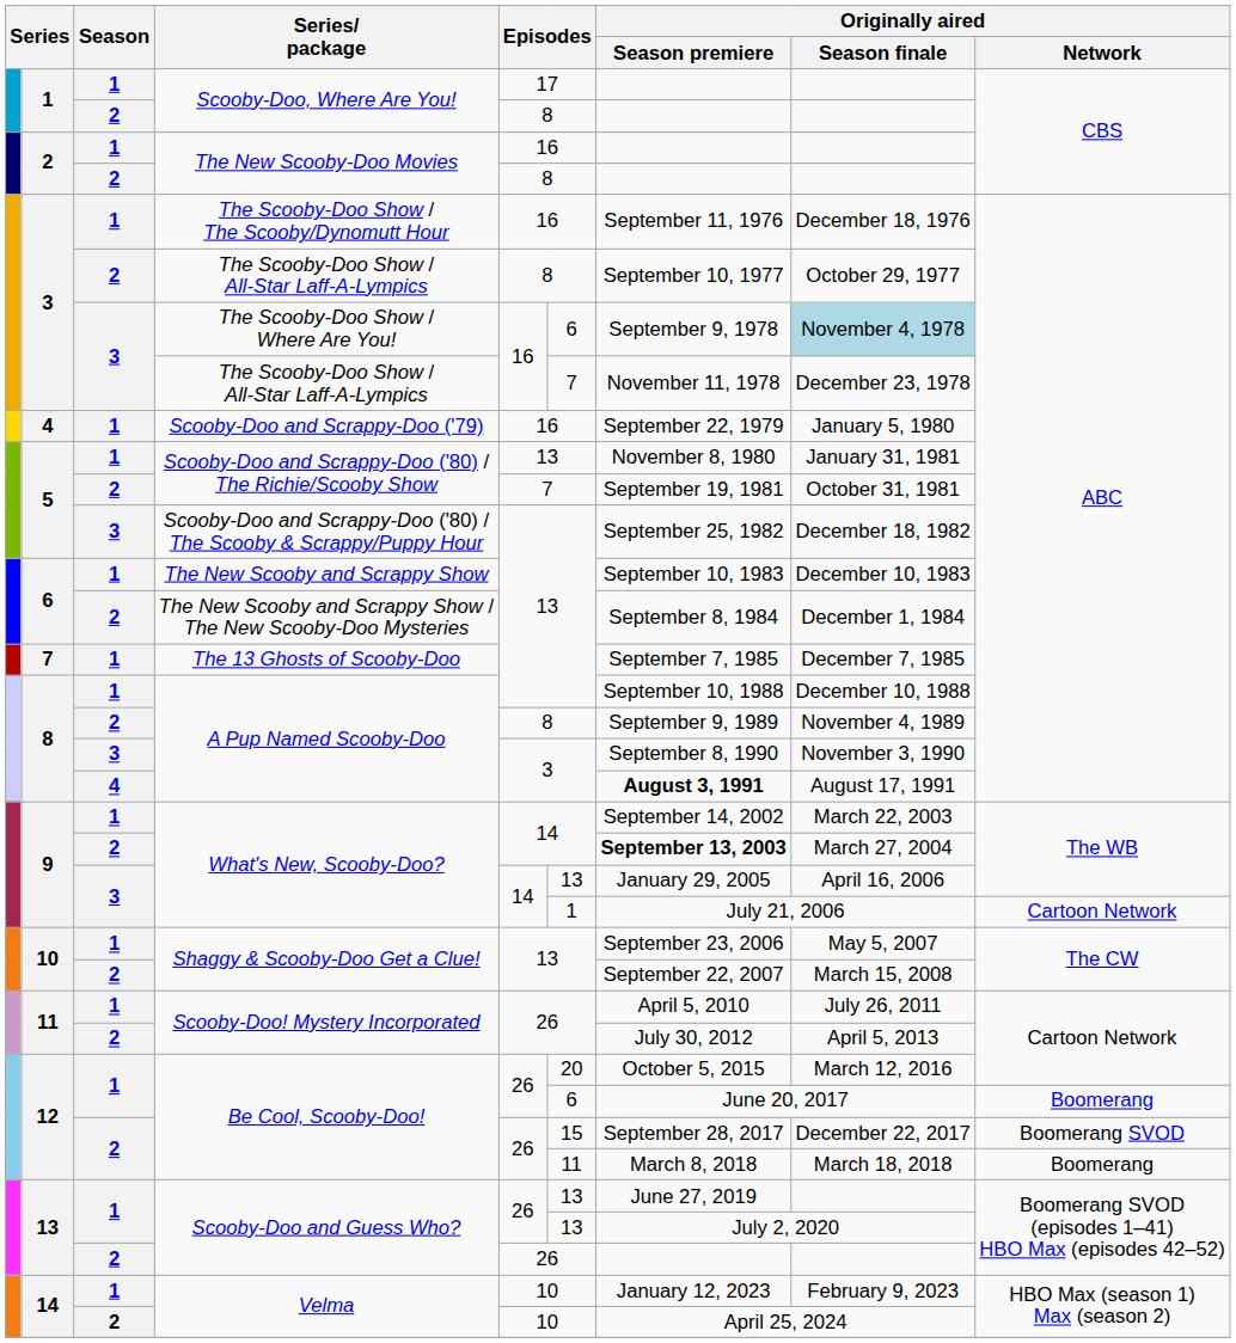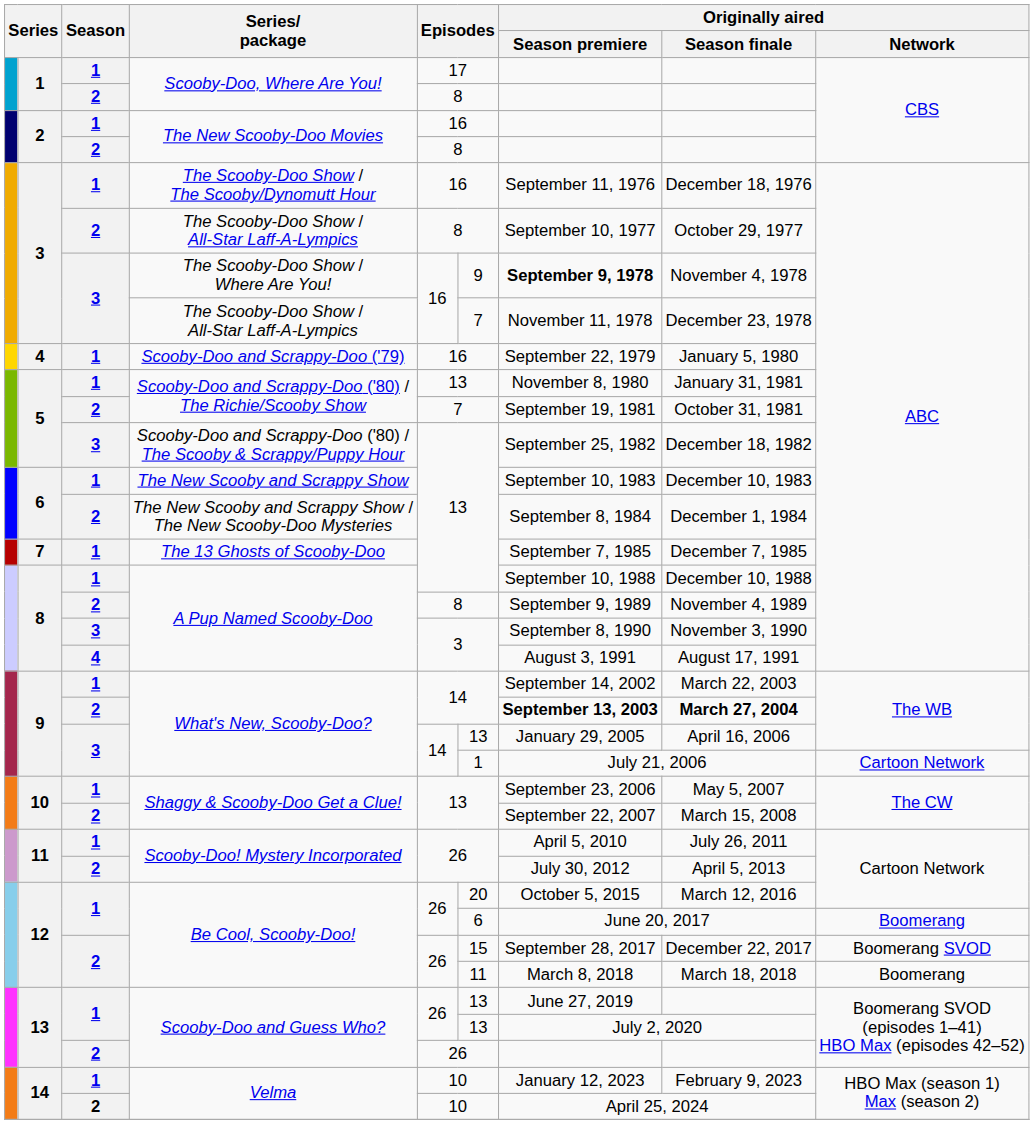 <table class="wikitable" style="text-align: center">
 <tr>
 <th colspan=2 rowspan=2>Series</th>
 <th colspan=1 rowspan=2>Season</th>
 <th rowspan=2>Series/<br>package</th>
 <th colspan=2 rowspan=2>Episodes</th>
 <th colspan=3>Originally aired</th>
 </tr>
 <tr>
 <th>Season premiere</th>
 <th>Season finale</th>
 <th>Network</th>
 </tr>
 <tr>
 <th rowspan=2 style="background:#00a2cf"></th>
 <th rowspan=2>1</th>
 <th><a href='#'>1</a></th>
 <td rowspan=2><em><a href='#'>Scooby-Doo, Where Are You!</a></em></td>
 <td colspan=2>17</td>
 <td></td>
 <td></td>
 <td rowspan=4><a href='#'>CBS</a></td>
 </tr>
 <tr>
 <th><a href='#'>2</a></th>
 <td colspan=2>8</td>
 <td></td>
 <td></td>
 </tr>
 <tr>
 <th rowspan=2 style="background:#000070"></th>
 <th rowspan=2>2</th>
 <th><a href='#'>1</a></th>
 <td rowspan=2><em><a href='#'>The New Scooby-Doo Movies</a></em></td>
 <td colspan=2>16</td>
 <td></td>
 <td></td>
 </tr>
 <tr>
 <th><a href='#'>2</a></th>
 <td colspan=2>8</td>
 <td></td>
 <td></td>
 </tr>
 <tr>
 <th rowspan=4 style="background:#F0AB00"></th>
 <th rowspan=4>3</th>
 <th><a href='#'>1</a></th>
 <td><em><a href='#'>The Scooby-Doo Show</a></em> /<br><em><a href='#'>The Scooby/Dynomutt Hour</a></em></td>
 <td colspan=2>16</td>
 <td>September 11, 1976</td>
 <td>December 18, 1976</td>
 <td rowspan=15><a href='#'>ABC</a></td>
 </tr>
 <tr>
 <th><a href='#'>2</a></th>
 <td><em>The Scooby-Doo Show</em> /<br><em><a href='#'>All-Star Laff-A-Lympics</a></em></td>
 <td colspan=2>8</td>
 <td>September 10, 1977</td>
 <td>October 29, 1977</td>
 </tr>
 <tr>
 <th rowspan=2><a href='#'>3</a></th>
 <td><em>The Scooby-Doo Show</em> /<br><em>Where Are You!</em></td>
 <td rowspan=2>16</td>
-<td>6</td>
-<td>September 9, 1978</td>
-<td style="background: lightblue;">November 4, 1978</td>
+<td>9</td>
+<td><strong>September 9, 1978</strong></td>
+<td>November 4, 1978</td>
 </tr>
 <tr>
 <td><em>The Scooby-Doo Show</em> /<br><em>All-Star Laff-A-Lympics</em></td>
 <td>7</td>
 <td>November 11, 1978</td>
 <td>December 23, 1978</td>
 </tr>
 <tr>
 <th style="background:#FFD700"></th>
 <th rowspan=1>4</th>
 <th><a href='#'>1</a></th>
 <td><a href='#'><em>Scooby-Doo and Scrappy-Doo</em> ('79)</a></td>
 <td colspan="2">16</td>
 <td>September 22, 1979</td>
 <td>January 5, 1980</td>
 </tr>
 <tr>
 <th rowspan=3 style="background:#7ab800"></th>
 <th rowspan=3>5</th>
 <th><a href='#'>1</a></th>
 <td rowspan=2><a href='#'><em>Scooby-Doo and Scrappy-Doo</em> ('80)</a> /<br><em><a href='#'>The Richie/Scooby Show</a></em></td>
 <td colspan=2>13</td>
 <td>November 8, 1980</td>
 <td>January 31, 1981</td>
 </tr>
 <tr>
 <th><a href='#'>2</a></th>
 <td colspan=2>7</td>
 <td>September 19, 1981</td>
 <td>October 31, 1981</td>
 </tr>
 <tr>
 <th><a href='#'>3</a></th>
 <td><em>Scooby-Doo and Scrappy-Doo</em> ('80) /<br><em><a href='#'>The Scooby & Scrappy/Puppy Hour</a></em></td>
 <td colspan=2 rowspan=5>13</td>
 <td>September 25, 1982</td>
 <td>December 18, 1982</td>
 </tr>
 <tr>
 <th rowspan=2 style="background:#0000FF"></th>
 <th rowspan=2>6</th>
 <th><a href='#'>1</a></th>
 <td><em><a href='#'>The New Scooby and Scrappy Show</a></em></td>
 <td>September 10, 1983</td>
 <td>December 10, 1983</td>
 </tr>
 <tr>
 <th><a href='#'>2</a></th>
 <td><em>The New Scooby and Scrappy Show</em> /<br><em>The New Scooby-Doo Mysteries</em></td>
 <td>September 8, 1984</td>
 <td>December 1, 1984</td>
 </tr>
 <tr>
 <th style="background:#b60000"></th>
 <th rowspan=1>7</th>
 <th><a href='#'>1</a></th>
 <td><em><a href='#'>The 13 Ghosts of Scooby-Doo</a></em></td>
 <td>September 7, 1985</td>
 <td>December 7, 1985</td>
 </tr>
 <tr>
 <th rowspan=4 style="background:#ccf"></th>
 <th rowspan=4>8</th>
 <th><a href='#'>1</a></th>
 <td rowspan=4><em><a href='#'>A Pup Named Scooby-Doo</a></em></td>
 <td>September 10, 1988</td>
 <td>December 10, 1988</td>
 </tr>
 <tr>
 <th><a href='#'>2</a></th>
 <td colspan=2>8</td>
 <td>September 9, 1989</td>
 <td>November 4, 1989</td>
 </tr>
 <tr>
 <th><a href='#'>3</a></th>
 <td colspan=2 rowspan=2>3</td>
 <td>September 8, 1990</td>
 <td>November 3, 1990</td>
 </tr>
 <tr>
 <th><a href='#'>4</a></th>
-<td><strong>August 3, 1991</strong></td>
+<td>August 3, 1991</td>
 <td>August 17, 1991</td>
 </tr>
 <tr>
 <th rowspan=4 style="background:#A4264C"></th>
 <th rowspan=4>9</th>
 <th><a href='#'>1</a></th>
 <td rowspan=4><em><a href='#'>What's New, Scooby-Doo?</a></em></td>
 <td colspan="2" rowspan="2">14</td>
 <td>September 14, 2002</td>
 <td>March 22, 2003</td>
 <td rowspan=3><a href='#'>The WB</a></td>
 </tr>
 <tr>
 <th><a href='#'>2</a></th>
 <td><strong>September 13, 2003</strong></td>
-<td>March 27, 2004</td>
+<td><strong>March 27, 2004</strong></td>
 </tr>
 <tr>
 <th rowspan=2><a href='#'>3</a></th>
 <td rowspan=2>14</td>
 <td>13</td>
 <td>January 29, 2005</td>
 <td>April 16, 2006</td>
 </tr>
 <tr>
 <td>1</td>
 <td colspan=2>July 21, 2006</td>
 <td><a href='#'>Cartoon Network</a></td>
 </tr>
 <tr>
 <th rowspan=2 style="background:#F37C17"></th>
 <th rowspan=2>10</th>
 <th><a href='#'>1</a></th>
 <td rowspan=2><em><a href='#'>Shaggy & Scooby-Doo Get a Clue!</a></em></td>
 <td colspan=2 rowspan=2>13</td>
 <td>September 23, 2006</td>
 <td>May 5, 2007</td>
 <td rowspan=2><a href='#'>The CW</a></td>
 </tr>
 <tr>
 <th><a href='#'>2</a></th>
 <td>September 22, 2007</td>
 <td>March 15, 2008</td>
 </tr>
 <tr>
 <th rowspan=2 style="background:#c9c"></th>
 <th rowspan=2>11</th>
 <th><a href='#'>1</a></th>
 <td rowspan=2><em><a href='#'>Scooby-Doo! Mystery Incorporated</a></em></td>
 <td colspan="2" rowspan="2">26</td>
 <td>April 5, 2010</td>
 <td>July 26, 2011</td>
 <td rowspan=3>Cartoon Network</td>
 </tr>
 <tr>
 <th><a href='#'>2</a></th>
 <td>July 30, 2012</td>
 <td>April 5, 2013</td>
 </tr>
 <tr>
 <th rowspan=4 style="background:#87CEEB"></th>
 <th rowspan=4>12</th>
 <th rowspan=2><a href='#'>1</a></th>
 <td rowspan=4><em><a href='#'>Be Cool, Scooby-Doo!</a></em></td>
 <td rowspan=2>26</td>
 <td>20</td>
 <td>October 5, 2015</td>
 <td>March 12, 2016</td>
 </tr>
 <tr>
 <td>6</td>
 <td colspan=2>June 20, 2017</td>
 <td><a href='#'>Boomerang</a></td>
 </tr>
 <tr>
 <th rowspan=2><a href='#'>2</a></th>
 <td rowspan=2>26</td>
 <td>15</td>
 <td>September 28, 2017</td>
 <td>December 22, 2017</td>
 <td>Boomerang <a href='#'>SVOD</a></td>
 </tr>
 <tr>
 <td>11</td>
 <td>March 8, 2018</td>
 <td>March 18, 2018</td>
 <td>Boomerang</td>
 </tr>
 <tr>
 <th rowspan=3 style="background:#FF31FF"></th>
 <th rowspan=3>13</th>
 <th rowspan=2><a href='#'>1</a></th>
 <td rowspan=3><em><a href='#'>Scooby-Doo and Guess Who?</a></em></td>
 <td rowspan=2>26</td>
 <td>13</td>
 <td>June 27, 2019</td>
 <td></td>
 <td rowspan=3>Boomerang SVOD<br>(episodes 1–41)<br><a href='#'>HBO Max</a> (episodes 42–52)</td>
 </tr>
 <tr>
 <td>13</td>
 <td colspan=2>July 2, 2020</td>
 </tr>
 <tr>
 <th><a href='#'>2</a></th>
 <td colspan=2>26</td>
 <td></td>
 <td></td>
 </tr>
 <tr>
 <th rowspan=2 style="background:#F37C17"></th>
 <th rowspan=2>14</th>
 <th><a href='#'>1</a></th>
 <td rowspan=2><em><a href='#'>Velma</a></em></td>
 <td colspan=2>10</td>
 <td>January 12, 2023</td>
 <td>February 9, 2023</td>
 <td rowspan=2>HBO Max (season 1)<br><a href='#'>Max</a> (season 2)</td>
 </tr>
 <tr>
 <th>2</th>
 <td colspan=2>10</td>
 <td colspan=2>April 25, 2024</td>
 </tr>
 <tr>
 </tr>
 </table>
